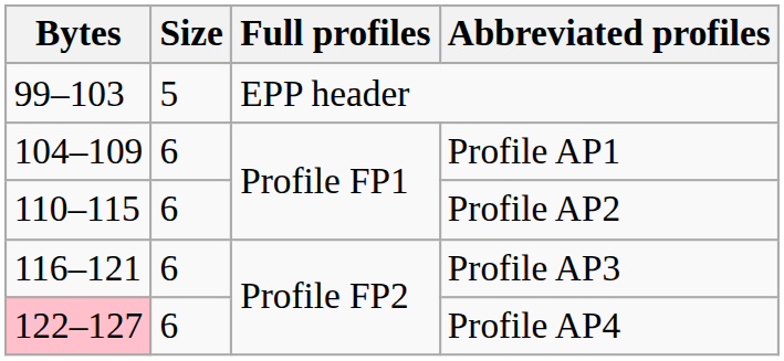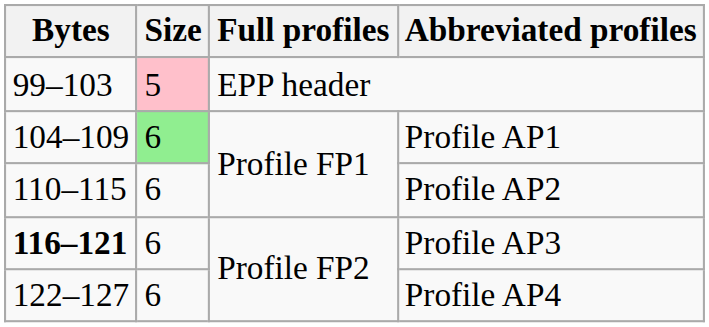 <table class=wikitable>
 <tr>
 <th>Bytes</th>
 <th>Size</th>
 <th>Full profiles</th>
 <th>Abbreviated profiles</th>
 </tr>
 <tr>
 <td>99–103</td>
-<td>5</td>
+<td style="background: pink;">5</td>
 <td colspan=2>EPP header</td>
 </tr>
 <tr>
 <td>104–109</td>
-<td>6</td>
+<td style="background: lightgreen;">6</td>
 <td rowspan=2>Profile FP1</td>
 <td>Profile AP1</td>
 </tr>
 <tr>
 <td>110–115</td>
 <td>6</td>
 <td>Profile AP2</td>
 </tr>
 <tr>
-<td>116–121</td>
+<td><strong>116–121</strong></td>
 <td>6</td>
 <td rowspan=2>Profile FP2</td>
 <td>Profile AP3</td>
 </tr>
 <tr>
-<td style="background: pink;">122–127</td>
+<td>122–127</td>
 <td>6</td>
 <td>Profile AP4</td>
 </tr>
 </table>
